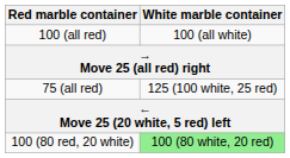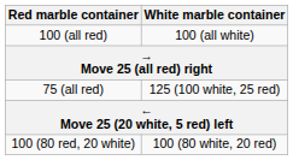 <table class="wikitable" style="text-align:center;">
 <tr>
 <th>Red marble container</th>
 <th>White marble container</th>
 </tr>
 <tr>
 <td>100 (all red)</td>
 <td>100 (all white)</td>
 </tr>
 <tr>
 <th colspan="2"><span>→</span><br>Move 25 (all red) right</th>
 </tr>
 <tr>
 <td>75 (all red)</td>
 <td>125 (100 white, 25 red)</td>
 </tr>
 <tr>
 <th colspan="2"><span>←</span><br>Move 25 (20 white, 5 red) left</th>
 </tr>
 <tr>
 <td>100 (80 red, 20 white)</td>
-<td style="background: lightgreen;">100 (80 white, 20 red)</td>
+<td>100 (80 white, 20 red)</td>
 </tr>
 </table>
